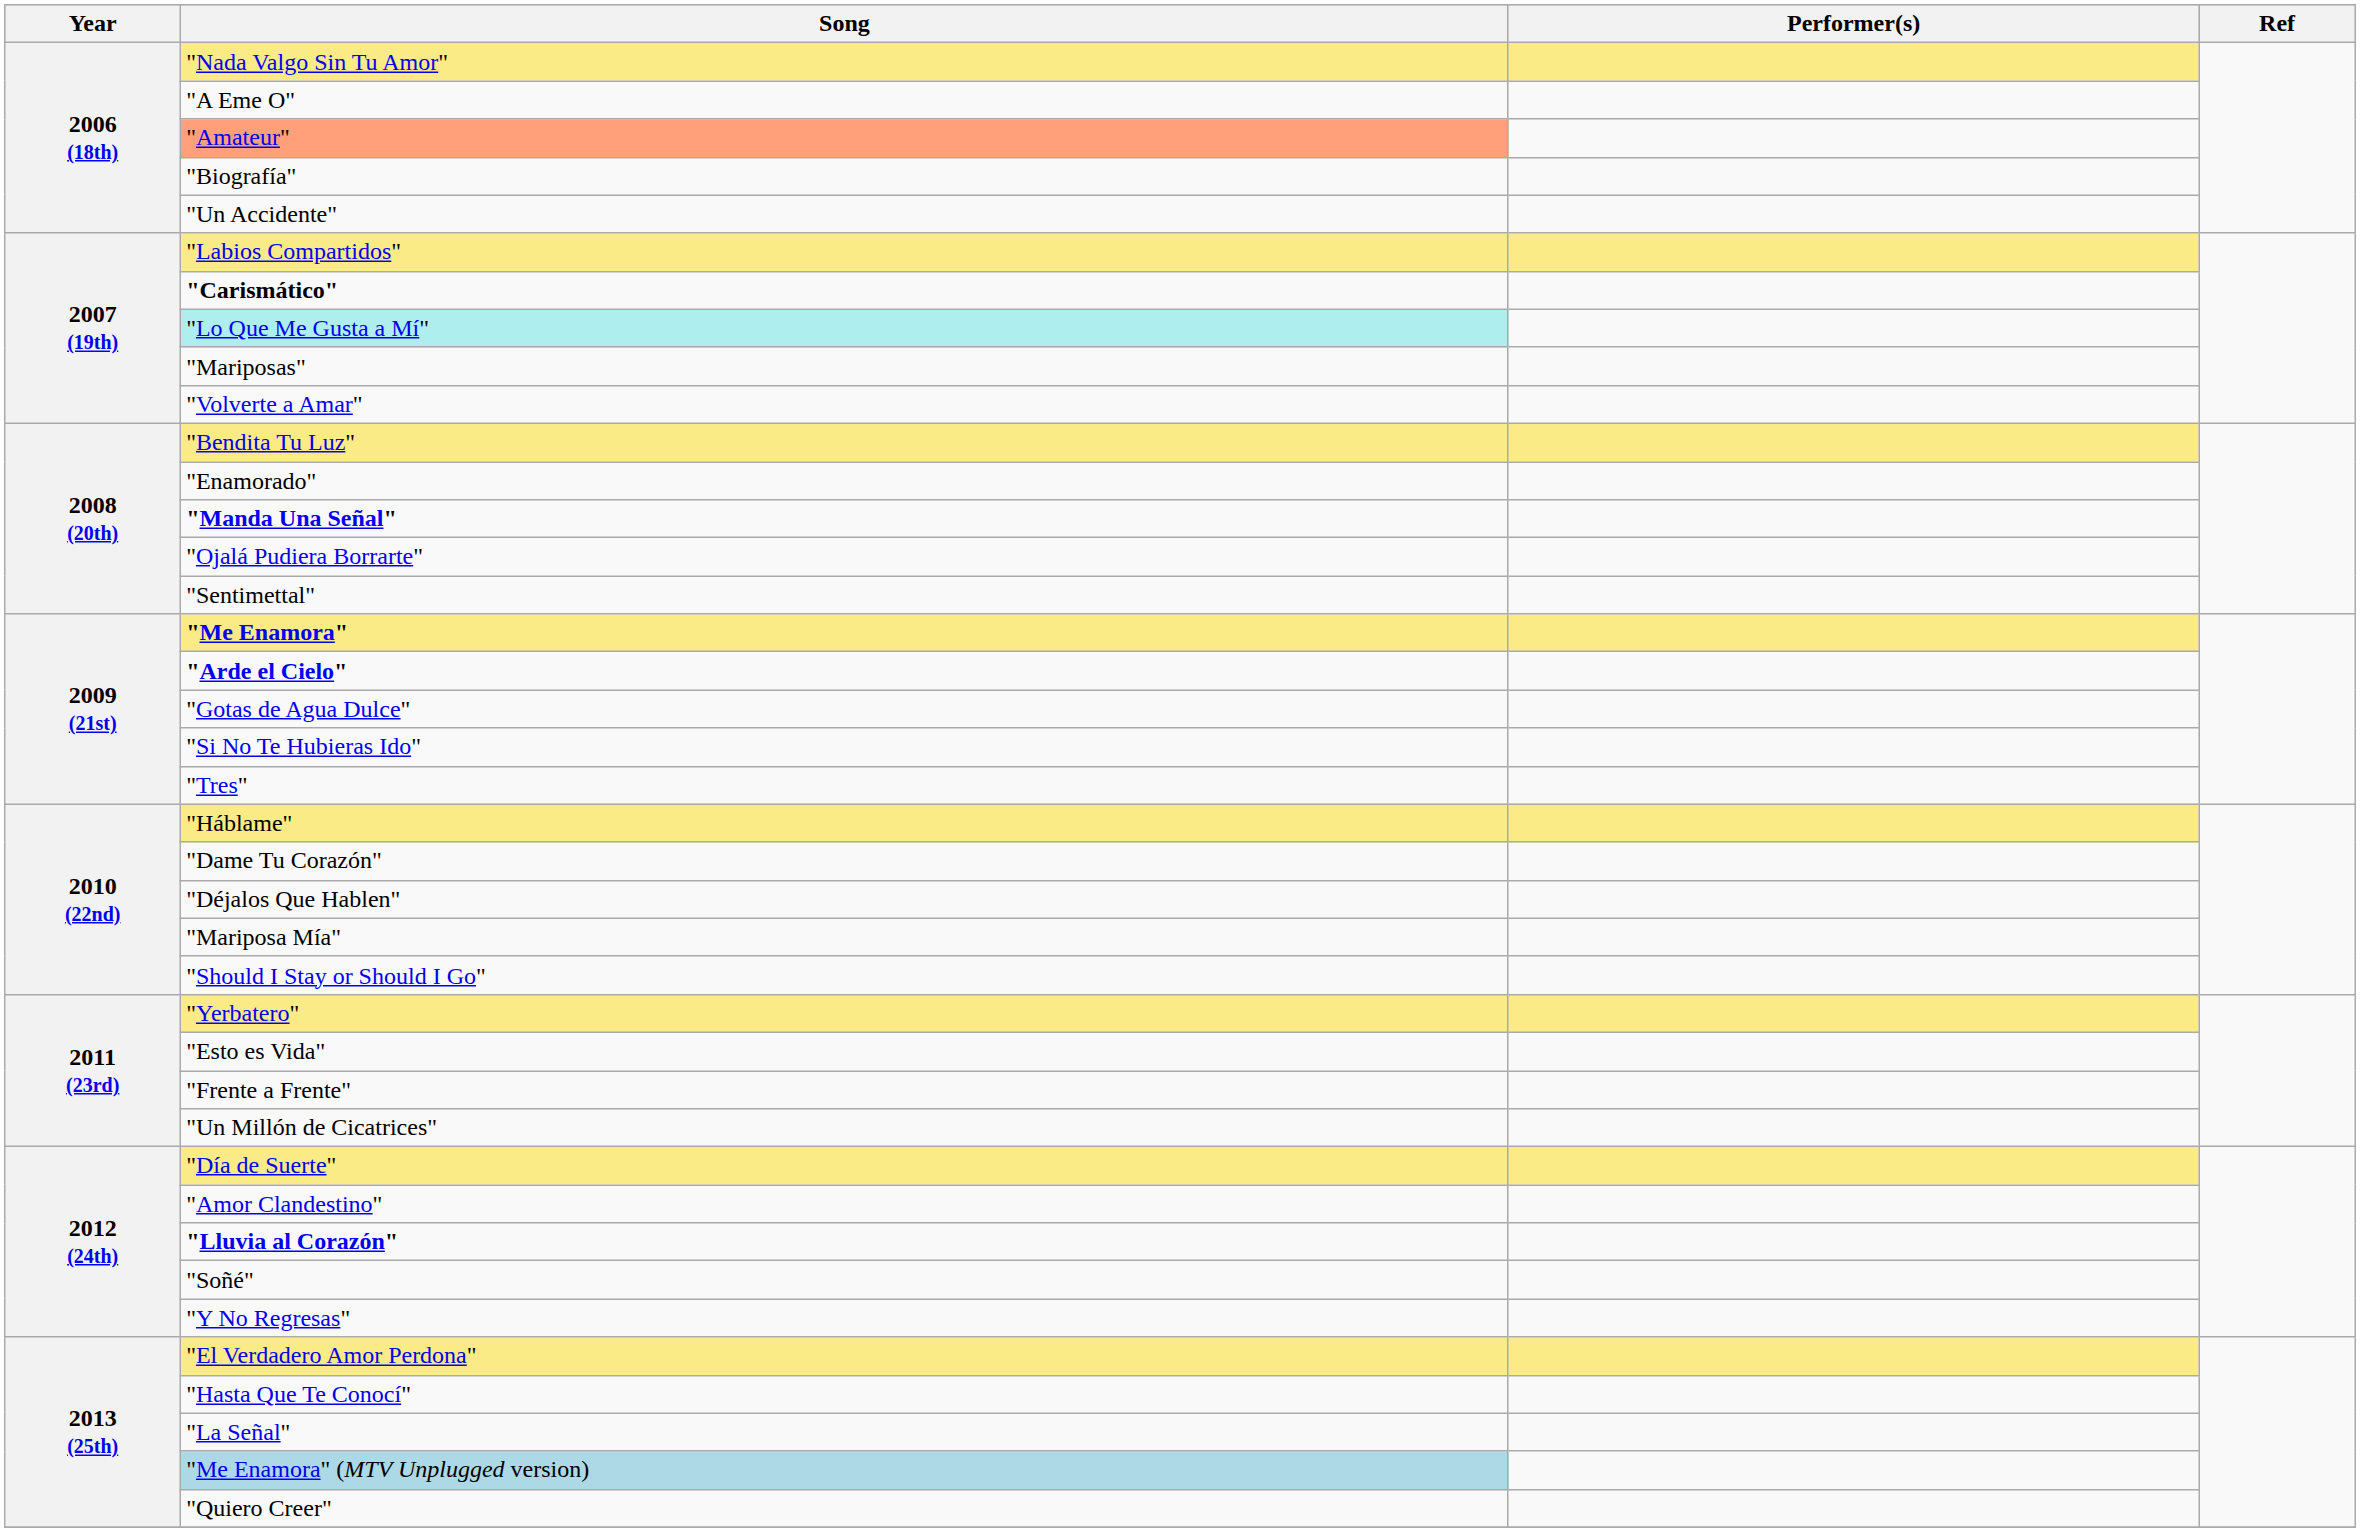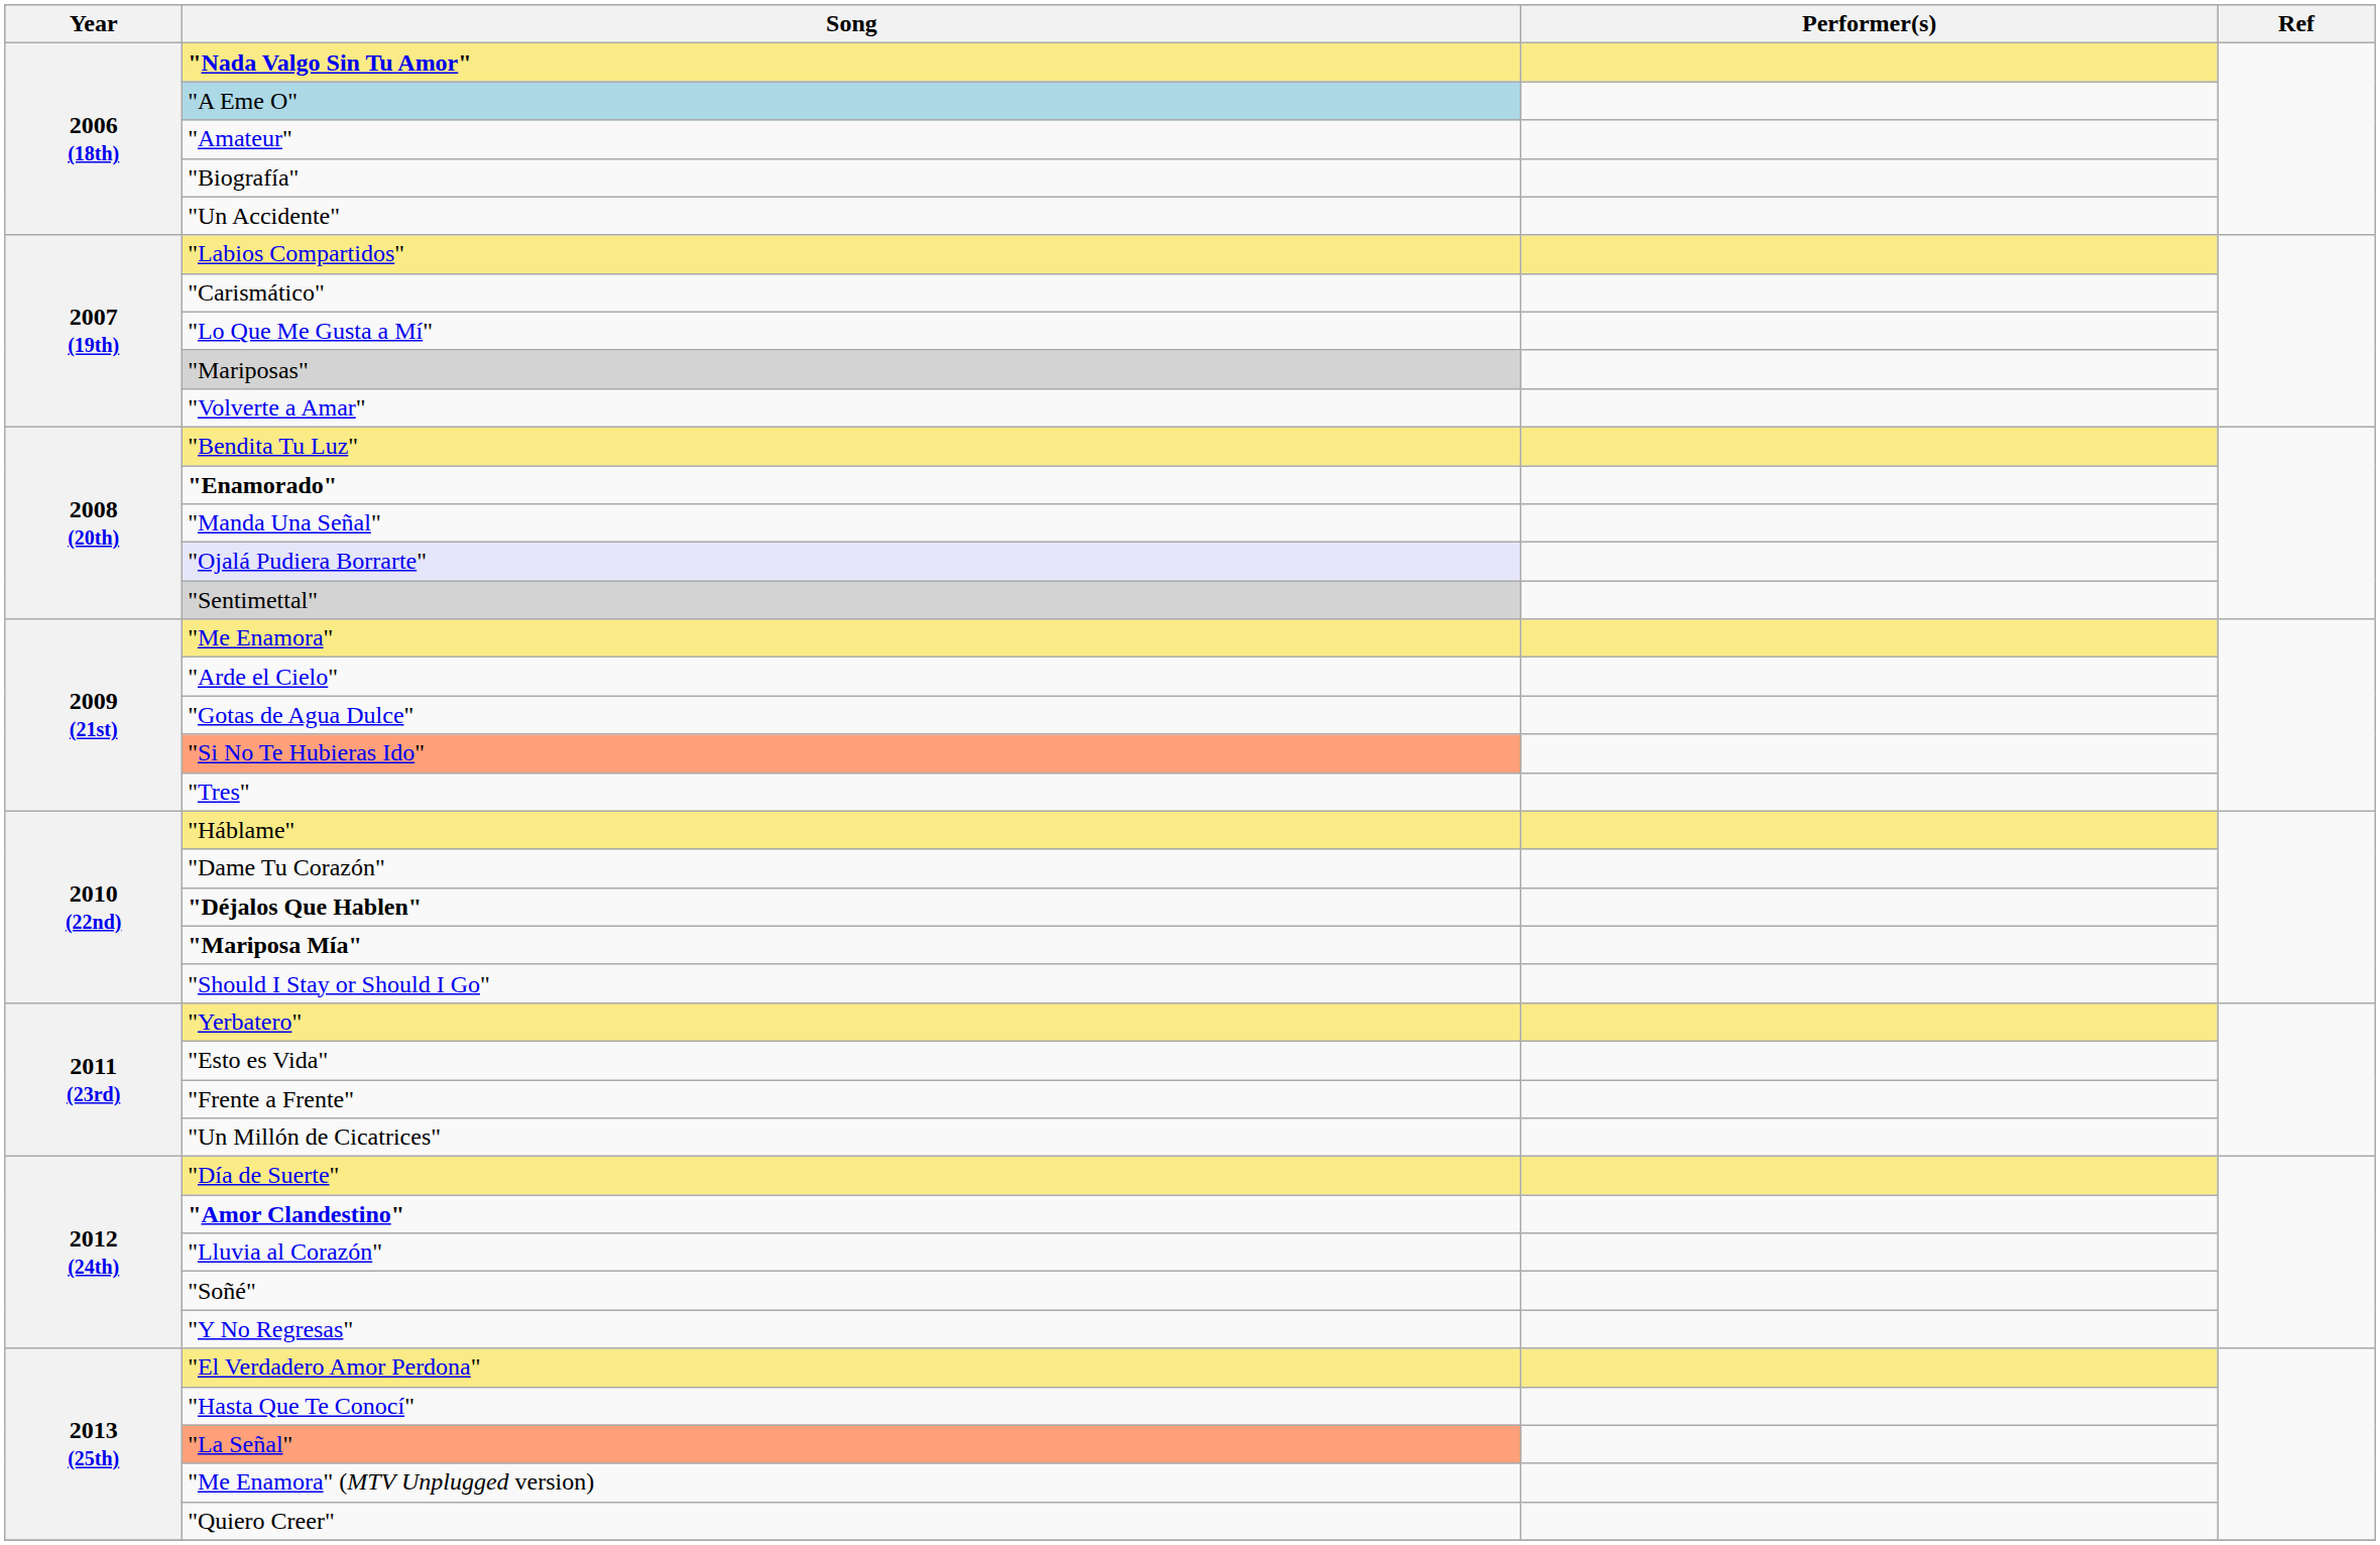 <table class="wikitable sortable">
 <tr style="background:#bebebe;">
 <th scope="col" style="width:1%;">Year</th>
 <th scope="col" style="width:10%;">Song</th>
 <th scope="col" style="width:5%;">Performer(s)</th>
 <th scope="col" style="width:1%;" class="unsortable">Ref</th>
 </tr>
 <tr>
 <th scope="row" rowspan=5 style="text-align:center">2006 <br><small><a href='#'>(18th)</a></small></th>
-<td style="background:#FAEB86">"<a href='#'>Nada Valgo Sin Tu Amor</a>"</td>
+<td style="background:#FAEB86"><strong>"<a href='#'>Nada Valgo Sin Tu Amor</a>"</strong></td>
 <td style="background:#FAEB86"></td>
 <td rowspan=5></td>
 </tr>
 <tr>
-<td>"A Eme O"</td>
+<td style="background: lightblue;">"A Eme O"</td>
 <td></td>
 </tr>
 <tr>
-<td style="background: lightsalmon;">"<a href='#'>Amateur</a>"</td>
+<td>"<a href='#'>Amateur</a>"</td>
 <td></td>
 </tr>
 <tr>
 <td>"Biografía"</td>
 <td></td>
 </tr>
 <tr>
 <td>"Un Accidente"</td>
 <td></td>
 </tr>
 <tr>
 <th scope="row" rowspan=5 style="text-align:center">2007 <br><small><a href='#'>(19th)</a></small></th>
 <td style="background:#FAEB86">"<a href='#'>Labios Compartidos</a>"</td>
 <td style="background:#FAEB86"></td>
 <td rowspan=5></td>
 </tr>
 <tr>
-<td><strong>"Carismático"</strong></td>
+<td>"Carismático"</td>
 <td></td>
 </tr>
 <tr>
-<td style="background: paleturquoise;">"<a href='#'>Lo Que Me Gusta a Mí</a>"</td>
+<td>"<a href='#'>Lo Que Me Gusta a Mí</a>"</td>
 <td></td>
 </tr>
 <tr>
-<td>"Mariposas"</td>
+<td style="background: lightgrey;">"Mariposas"</td>
 <td></td>
 </tr>
 <tr>
 <td>"<a href='#'>Volverte a Amar</a>"</td>
 <td></td>
 </tr>
 <tr>
 <th scope="row" rowspan=5 style="text-align:center">2008 <br><small><a href='#'>(20th)</a></small></th>
 <td style="background:#FAEB86">"<a href='#'>Bendita Tu Luz</a>"</td>
 <td style="background:#FAEB86"></td>
 <td rowspan=5></td>
 </tr>
 <tr>
-<td>"Enamorado"</td>
+<td><strong>"Enamorado"</strong></td>
 <td></td>
 </tr>
 <tr>
-<td><strong>"<a href='#'>Manda Una Señal</a>"</strong></td>
+<td>"<a href='#'>Manda Una Señal</a>"</td>
 <td></td>
 </tr>
 <tr>
-<td>"<a href='#'>Ojalá Pudiera Borrarte</a>"</td>
+<td style="background: lavender;">"<a href='#'>Ojalá Pudiera Borrarte</a>"</td>
 <td></td>
 </tr>
 <tr>
-<td>"Sentimettal"</td>
+<td style="background: lightgrey;">"Sentimettal"</td>
 <td></td>
 </tr>
 <tr>
 <th scope="row" rowspan=5 style="text-align:center">2009 <br><small><a href='#'>(21st)</a></small></th>
-<td style="background:#FAEB86"><strong>"<a href='#'>Me Enamora</a>"</strong></td>
+<td style="background:#FAEB86">"<a href='#'>Me Enamora</a>"</td>
 <td style="background:#FAEB86"></td>
 <td rowspan=5></td>
 </tr>
 <tr>
-<td><strong>"<a href='#'>Arde el Cielo</a>"</strong></td>
+<td>"<a href='#'>Arde el Cielo</a>"</td>
 <td></td>
 </tr>
 <tr>
 <td>"<a href='#'>Gotas de Agua Dulce</a>"</td>
 <td></td>
 </tr>
 <tr>
-<td>"<a href='#'>Si No Te Hubieras Ido</a>"</td>
+<td style="background: lightsalmon;">"<a href='#'>Si No Te Hubieras Ido</a>"</td>
 <td></td>
 </tr>
 <tr>
 <td>"<a href='#'>Tres</a>"</td>
 <td></td>
 </tr>
 <tr>
 <th scope="row" rowspan=5 style="text-align:center">2010 <br><small><a href='#'>(22nd)</a></small></th>
 <td style="background:#FAEB86">"Háblame"</td>
 <td style="background:#FAEB86"></td>
 <td rowspan=5></td>
 </tr>
 <tr>
 <td>"Dame Tu Corazón"</td>
 <td></td>
 </tr>
 <tr>
-<td>"Déjalos Que Hablen"</td>
+<td><strong>"Déjalos Que Hablen"</strong></td>
 <td></td>
 </tr>
 <tr>
-<td>"Mariposa Mía"</td>
+<td><strong>"Mariposa Mía"</strong></td>
 <td></td>
 </tr>
 <tr>
 <td>"<a href='#'>Should I Stay or Should I Go</a>"</td>
 <td></td>
 </tr>
 <tr>
 <th scope="row" rowspan=4 style="text-align:center">2011 <br><small><a href='#'>(23rd)</a></small></th>
 <td style="background:#FAEB86">"<a href='#'>Yerbatero</a>"</td>
 <td style="background:#FAEB86"></td>
 <td rowspan=4></td>
 </tr>
 <tr>
 <td>"Esto es Vida"</td>
 <td></td>
 </tr>
 <tr>
 <td>"Frente a Frente"</td>
 <td></td>
 </tr>
 <tr>
 <td>"Un Millón de Cicatrices"</td>
 <td></td>
 </tr>
 <tr>
 <th scope="row" rowspan=5 style="text-align:center">2012 <br><small><a href='#'>(24th)</a></small></th>
 <td style="background:#FAEB86">"<a href='#'>Día de Suerte</a>"</td>
 <td style="background:#FAEB86"></td>
 <td rowspan=5></td>
 </tr>
 <tr>
-<td>"<a href='#'>Amor Clandestino</a>"</td>
+<td><strong>"<a href='#'>Amor Clandestino</a>"</strong></td>
 <td></td>
 </tr>
 <tr>
-<td><strong>"<a href='#'>Lluvia al Corazón</a>"</strong></td>
+<td>"<a href='#'>Lluvia al Corazón</a>"</td>
 <td></td>
 </tr>
 <tr>
 <td>"Soñé"</td>
 <td></td>
 </tr>
 <tr>
 <td>"<a href='#'>Y No Regresas</a>"</td>
 <td></td>
 </tr>
 <tr>
 <th scope="row" rowspan=5 style="text-align:center">2013 <br><small><a href='#'>(25th)</a></small></th>
 <td style="background:#FAEB86">"<a href='#'>El Verdadero Amor Perdona</a>"</td>
 <td style="background:#FAEB86"></td>
 <td rowspan=5></td>
 </tr>
 <tr>
 <td>"<a href='#'>Hasta Que Te Conocí</a>"</td>
 <td></td>
 </tr>
 <tr>
-<td>"<a href='#'>La Señal</a>"</td>
+<td style="background: lightsalmon;">"<a href='#'>La Señal</a>"</td>
 <td></td>
 </tr>
 <tr>
-<td style="background: lightblue;">"<a href='#'>Me Enamora</a>" (<em>MTV Unplugged</em> version)</td>
+<td>"<a href='#'>Me Enamora</a>" (<em>MTV Unplugged</em> version)</td>
 <td></td>
 </tr>
 <tr>
 <td>"Quiero Creer"</td>
 <td></td>
 </tr>
 <tr>
 </tr>
 </table>
